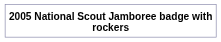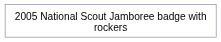 <table cellpadding="1"  style="width:25%; float:right; border:1px solid #8888aa; padding:2px; font-size:95%; margin:0 5px;">
 <tr>
 <td style="text-align:center; vertical-align:top;"></td>
 </tr>
 <tr>
-<td style="text-align:center; vertical-align:top;"><strong>2005 National Scout Jamboree badge with rockers</strong></td>
+<td style="text-align:center; vertical-align:top;">2005 National Scout Jamboree badge with rockers</td>
 </tr>
 </table>
